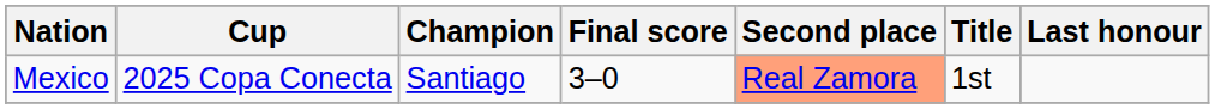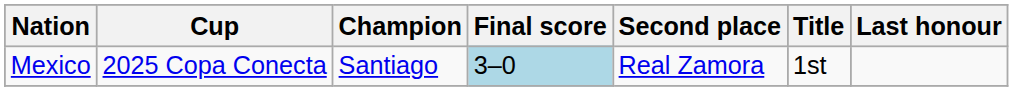 <table class=wikitable style="font-size:14px">
 <tr>
 <th>Nation</th>
 <th>Cup</th>
 <th>Champion</th>
 <th>Final score</th>
 <th>Second place</th>
 <th data-sort-type="number">Title</th>
 <th>Last honour</th>
 </tr>
 <tr>
 <td rowspan=4> <a href='#'>Mexico</a></td>
 <td><a href='#'>2025 Copa Conecta</a></td>
 <td><a href='#'>Santiago</a></td>
-<td>3–0</td>
-<td style="background: lightsalmon;"><a href='#'>Real Zamora</a></td>
+<td style="background: lightblue;">3–0</td>
+<td><a href='#'>Real Zamora</a></td>
 <td>1st</td>
 <td></td>
 </tr>
 </table>
